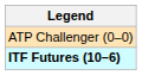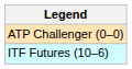 <table class=wikitable style=font-size:97%>
 <tr>
 <th>Legend</th>
 </tr>
 <tr bgcolor=moccasin>
 <td>ATP Challenger (0–0)</td>
 </tr>
 <tr bgcolor=cffcff>
-<td><strong>ITF Futures (10–6)</strong></td>
+<td>ITF Futures (10–6)</td>
 </tr>
 </table>
